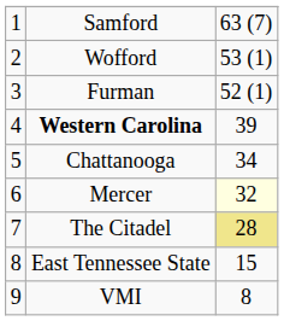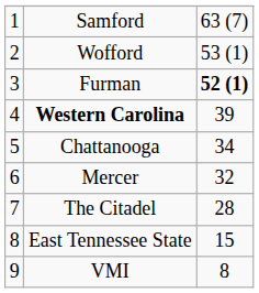 <table class="wikitable" style="display: inline-table;">
 <tr align="center">
 </tr>
 <tr align="center">
 <td>1</td>
 <td>Samford</td>
 <td>63 (7)</td>
 </tr>
 <tr align="center">
 <td>2</td>
 <td>Wofford</td>
 <td>53 (1)</td>
 </tr>
 <tr align="center">
 <td>3</td>
 <td>Furman</td>
-<td>52 (1)</td>
+<td><strong>52 (1)</strong></td>
 </tr>
 <tr align="center">
 <td>4</td>
 <td><strong>Western Carolina</strong></td>
 <td>39</td>
 </tr>
 <tr align="center">
 <td>5</td>
 <td>Chattanooga</td>
 <td>34</td>
 </tr>
 <tr align="center">
 <td>6</td>
 <td>Mercer</td>
-<td style="background: lightyellow;">32</td>
+<td>32</td>
 </tr>
 <tr align="center">
 <td>7</td>
 <td>The Citadel</td>
-<td style="background: khaki;">28</td>
+<td>28</td>
 </tr>
 <tr align="center">
 <td>8</td>
 <td>East Tennessee State</td>
 <td>15</td>
 </tr>
 <tr align="center">
 <td>9</td>
 <td>VMI</td>
 <td>8</td>
 </tr>
 </table>
